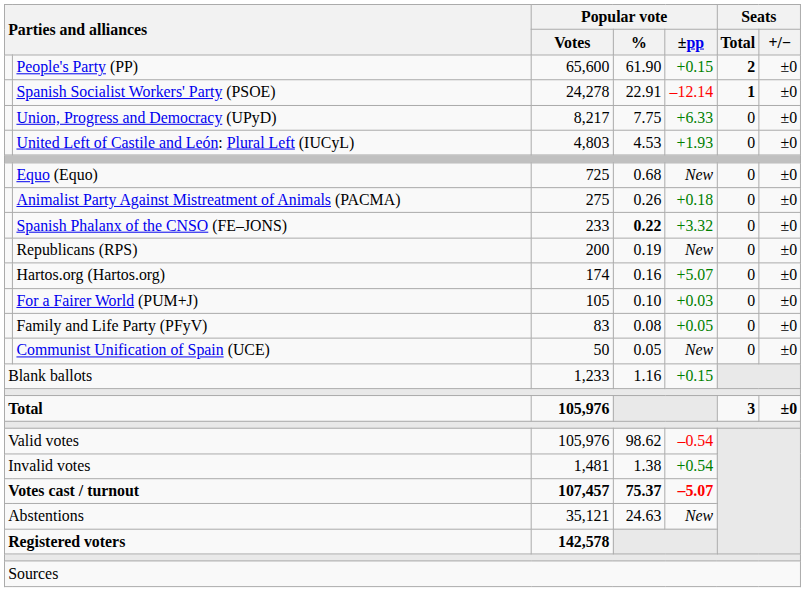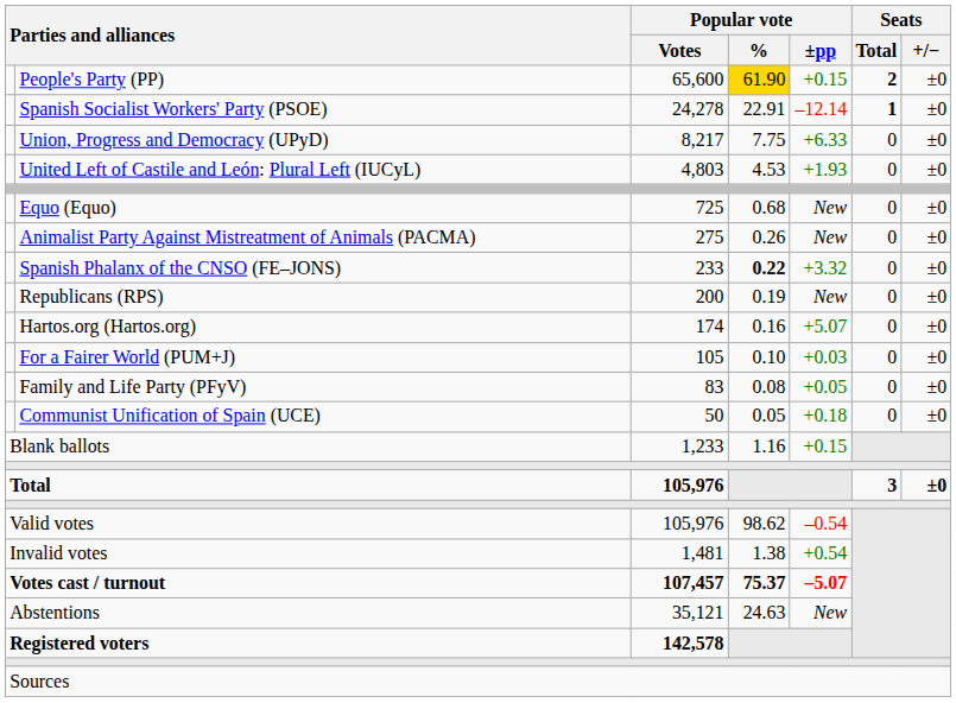 <table class="wikitable" style="text-align:right;">
 <tr>
 <th style="text-align:left;" rowspan="2" colspan="2" width="525">Parties and alliances</th>
 <th colspan="3">Popular vote</th>
 <th colspan="2">Seats</th>
 </tr>
 <tr>
 <th width="75">Votes</th>
 <th width="45">%</th>
 <th width="45">±<a href='#'>pp</a></th>
 <th width="35">Total</th>
 <th width="35">+/−</th>
 </tr>
 <tr>
 <td width="1" style="color:inherit;background:"></td>
 <td align="left"><a href='#'>People's Party</a> (PP)</td>
 <td>65,600</td>
-<td>61.90</td>
+<td style="background: gold;">61.90</td>
 <td style="color:green;">+0.15</td>
 <td><strong>2</strong></td>
 <td>±0</td>
 </tr>
 <tr>
 <td style="color:inherit;background:"></td>
 <td align="left"><a href='#'>Spanish Socialist Workers' Party</a> (PSOE)</td>
 <td>24,278</td>
 <td>22.91</td>
 <td style="color:red;">–12.14</td>
 <td><strong>1</strong></td>
 <td>±0</td>
 </tr>
 <tr>
 <td style="color:inherit;background:"></td>
 <td align="left"><a href='#'>Union, Progress and Democracy</a> (UPyD)</td>
 <td>8,217</td>
 <td>7.75</td>
 <td style="color:green;">+6.33</td>
 <td>0</td>
 <td>±0</td>
 </tr>
 <tr>
 <td style="color:inherit;background:"></td>
 <td align="left"><a href='#'>United Left of Castile and León</a>: <a href='#'>Plural Left</a> (IUCyL)</td>
 <td>4,803</td>
 <td>4.53</td>
 <td style="color:green;">+1.93</td>
 <td>0</td>
 <td>±0</td>
 </tr>
 <tr>
 <td colspan="7" bgcolor="#C0C0C0"></td>
 </tr>
 <tr>
 <td style="color:inherit;background:"></td>
 <td align="left"><a href='#'>Equo</a> (Equo)</td>
 <td>725</td>
 <td>0.68</td>
 <td><em>New</em></td>
 <td>0</td>
 <td>±0</td>
 </tr>
 <tr>
 <td style="color:inherit;background:"></td>
 <td align="left"><a href='#'>Animalist Party Against Mistreatment of Animals</a> (PACMA)</td>
 <td>275</td>
 <td>0.26</td>
-<td style="color:green;">+0.18</td>
+<td><em>New</em></td>
 <td>0</td>
 <td>±0</td>
 </tr>
 <tr>
 <td style="color:inherit;background:"></td>
 <td align="left"><a href='#'>Spanish Phalanx of the CNSO</a> (FE–JONS)</td>
 <td>233</td>
 <td><strong>0.22</strong></td>
 <td style="color:green;">+3.32</td>
 <td>0</td>
 <td>±0</td>
 </tr>
 <tr>
 <td style="color:inherit;background:"></td>
 <td align="left">Republicans (RPS)</td>
 <td>200</td>
 <td>0.19</td>
 <td><em>New</em></td>
 <td>0</td>
 <td>±0</td>
 </tr>
 <tr>
 <td style="color:inherit;background:"></td>
 <td align="left">Hartos.org (Hartos.org)</td>
 <td>174</td>
 <td>0.16</td>
 <td style="color:green;">+5.07</td>
 <td>0</td>
 <td>±0</td>
 </tr>
 <tr>
 <td style="color:inherit;background:"></td>
 <td align="left"><a href='#'>For a Fairer World</a> (PUM+J)</td>
 <td>105</td>
 <td>0.10</td>
 <td style="color:green;">+0.03</td>
 <td>0</td>
 <td>±0</td>
 </tr>
 <tr>
 <td style="color:inherit;background:"></td>
 <td align="left">Family and Life Party (PFyV)</td>
 <td>83</td>
 <td>0.08</td>
 <td style="color:green;">+0.05</td>
 <td>0</td>
 <td>±0</td>
 </tr>
 <tr>
 <td style="color:inherit;background:"></td>
 <td align="left"><a href='#'>Communist Unification of Spain</a> (UCE)</td>
 <td>50</td>
 <td>0.05</td>
-<td><em>New</em></td>
+<td style="color:green;">+0.18</td>
 <td>0</td>
 <td>±0</td>
 </tr>
 <tr>
 <td align="left" colspan="2">Blank ballots</td>
 <td>1,233</td>
 <td>1.16</td>
 <td style="color:green;">+0.15</td>
 <td bgcolor="#E9E9E9" colspan="2"></td>
 </tr>
 <tr>
 <td colspan="7" bgcolor="#E9E9E9"></td>
 </tr>
 <tr style="font-weight:bold;">
 <td align="left" colspan="2">Total</td>
 <td>105,976</td>
 <td bgcolor="#E9E9E9" colspan="2"></td>
 <td>3</td>
 <td>±0</td>
 </tr>
 <tr>
 <td colspan="7" bgcolor="#E9E9E9"></td>
 </tr>
 <tr>
 <td align="left" colspan="2">Valid votes</td>
 <td>105,976</td>
 <td>98.62</td>
 <td style="color:red;">–0.54</td>
 <td bgcolor="#E9E9E9" colspan="2" rowspan="5"></td>
 </tr>
 <tr>
 <td align="left" colspan="2">Invalid votes</td>
 <td>1,481</td>
 <td>1.38</td>
 <td style="color:green;">+0.54</td>
 </tr>
 <tr style="font-weight:bold;">
 <td align="left" colspan="2">Votes cast / turnout</td>
 <td>107,457</td>
 <td>75.37</td>
 <td style="color:red;">–5.07</td>
 </tr>
 <tr>
 <td align="left" colspan="2">Abstentions</td>
 <td>35,121</td>
 <td>24.63</td>
 <td><em>New</em></td>
 </tr>
 <tr style="font-weight:bold;">
 <td align="left" colspan="2">Registered voters</td>
 <td>142,578</td>
 <td bgcolor="#E9E9E9" colspan="2"></td>
 </tr>
 <tr>
 <td colspan="7" bgcolor="#E9E9E9"></td>
 </tr>
 <tr>
 <td align="left" colspan="7">Sources</td>
 </tr>
 </table>
